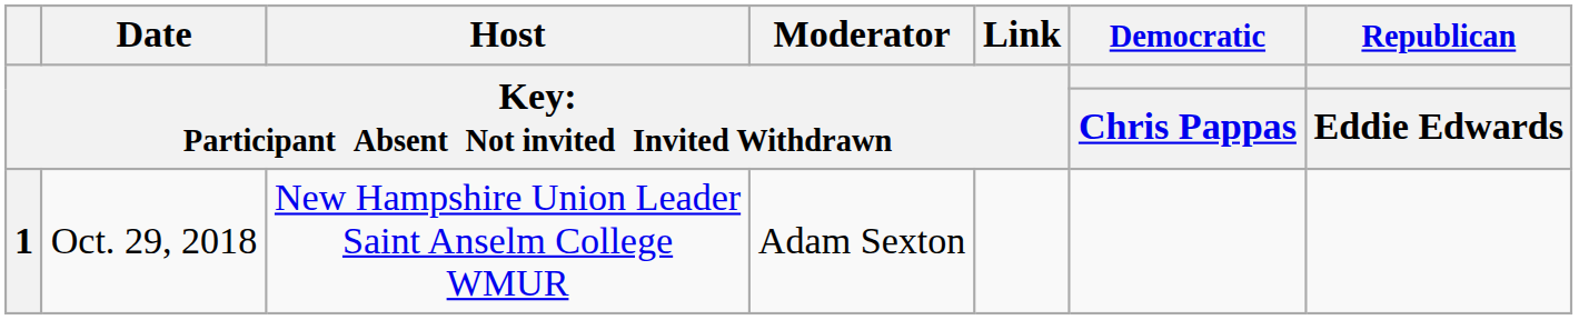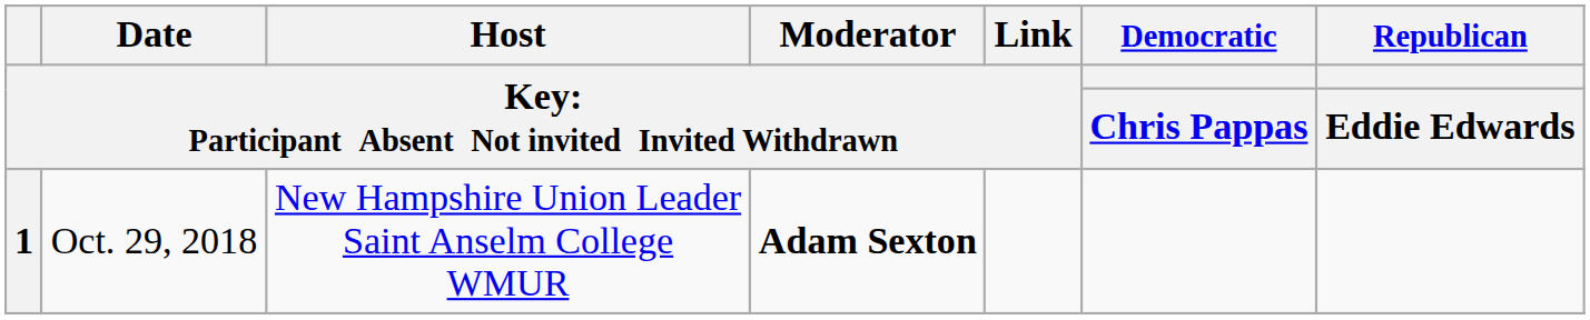 <table class="wikitable" style="text-align:center;">
 <tr>
 <th scope="col"></th>
 <th scope="col">Date</th>
 <th scope="col">Host</th>
 <th scope="col">Moderator</th>
 <th scope="col">Link</th>
 <th scope="col"><small><a href='#'>Democratic</a></small></th>
 <th scope="col"><small><a href='#'>Republican</a></small></th>
 </tr>
 <tr>
 <th colspan="5" rowspan="2">Key:<br> <small>Participant </small>  <small>Absent </small>  <small>Not invited </small>  <small>Invited  Withdrawn</small></th>
 <th scope="col" style="background:"></th>
 <th scope="col" style="background:"></th>
 </tr>
 <tr>
 <th scope="col"><a href='#'>Chris Pappas</a></th>
 <th scope="col">Eddie Edwards</th>
 </tr>
 <tr>
 <th>1</th>
 <td style="white-space:nowrap;">Oct. 29, 2018</td>
 <td style="white-space:nowrap;"><a href='#'>New Hampshire Union Leader</a><br><a href='#'>Saint Anselm College</a><br><a href='#'>WMUR</a></td>
-<td style="white-space:nowrap;">Adam Sexton</td>
+<td style="white-space:nowrap;"><strong>Adam Sexton</strong></td>
 <td style="white-space:nowrap;"></td>
 <td></td>
 <td></td>
 </tr>
 </table>
